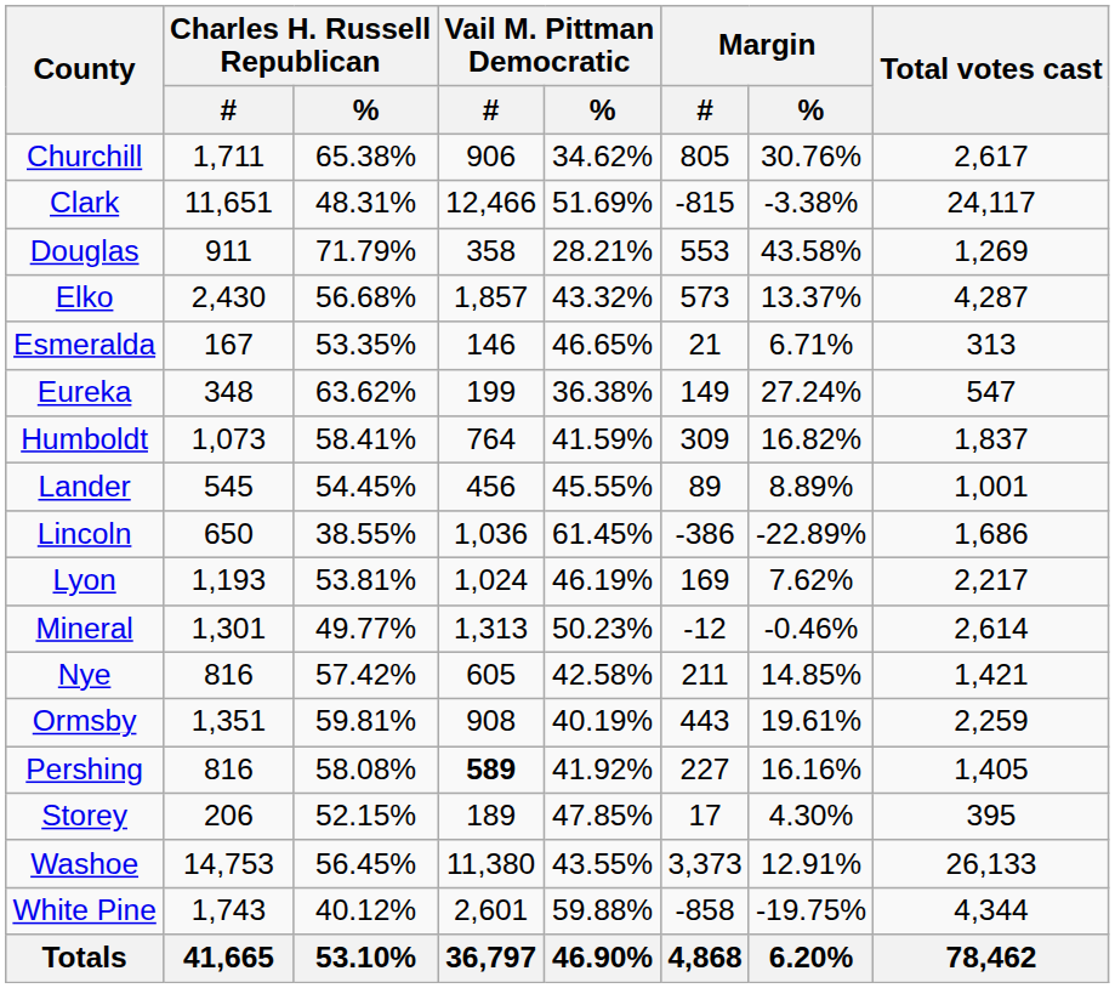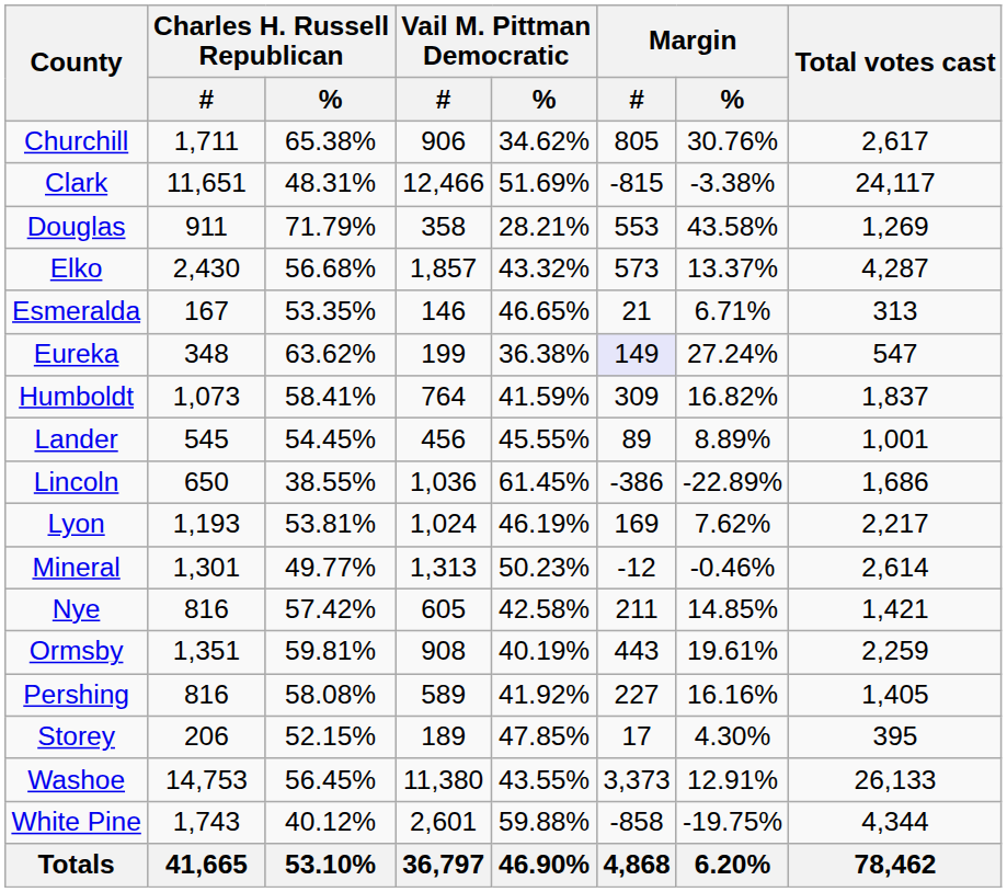 <table class="wikitable sortable" style="text-align:center">
 <tr>
 <th rowspan="2">County</th>
 <th style="text-align:center;" colspan="2">Charles H. Russell<br>Republican</th>
 <th style="text-align:center;" colspan="2">Vail M. Pittman<br>Democratic</th>
 <th style="text-align:center;" colspan="2">Margin</th>
 <th style="text-align:center;" rowspan="2">Total votes cast</th>
 </tr>
 <tr>
 <th style="text-align:center;" data-sort-type="number">#</th>
 <th style="text-align:center;" data-sort-type="number">%</th>
 <th style="text-align:center;" data-sort-type="number">#</th>
 <th style="text-align:center;" data-sort-type="number">%</th>
 <th style="text-align:center;" data-sort-type="number">#</th>
 <th style="text-align:center;" data-sort-type="number">%</th>
 </tr>
 <tr style="text-align:center;">
 <td><a href='#'>Churchill</a></td>
 <td>1,711</td>
 <td>65.38%</td>
 <td>906</td>
 <td>34.62%</td>
 <td>805</td>
 <td>30.76%</td>
 <td>2,617</td>
 </tr>
 <tr style="text-align:center;">
 <td><a href='#'>Clark</a></td>
 <td>11,651</td>
 <td>48.31%</td>
 <td>12,466</td>
 <td>51.69%</td>
 <td>-815</td>
 <td>-3.38%</td>
 <td>24,117</td>
 </tr>
 <tr style="text-align:center;">
 <td><a href='#'>Douglas</a></td>
 <td>911</td>
 <td>71.79%</td>
 <td>358</td>
 <td>28.21%</td>
 <td>553</td>
 <td>43.58%</td>
 <td>1,269</td>
 </tr>
 <tr style="text-align:center;">
 <td><a href='#'>Elko</a></td>
 <td>2,430</td>
 <td>56.68%</td>
 <td>1,857</td>
 <td>43.32%</td>
 <td>573</td>
 <td>13.37%</td>
 <td>4,287</td>
 </tr>
 <tr style="text-align:center;">
 <td><a href='#'>Esmeralda</a></td>
 <td>167</td>
 <td>53.35%</td>
 <td>146</td>
 <td>46.65%</td>
 <td>21</td>
 <td>6.71%</td>
 <td>313</td>
 </tr>
 <tr style="text-align:center;">
 <td><a href='#'>Eureka</a></td>
 <td>348</td>
 <td>63.62%</td>
 <td>199</td>
 <td>36.38%</td>
-<td>149</td>
+<td style="background: lavender;">149</td>
 <td>27.24%</td>
 <td>547</td>
 </tr>
 <tr style="text-align:center;">
 <td><a href='#'>Humboldt</a></td>
 <td>1,073</td>
 <td>58.41%</td>
 <td>764</td>
 <td>41.59%</td>
 <td>309</td>
 <td>16.82%</td>
 <td>1,837</td>
 </tr>
 <tr style="text-align:center;">
 <td><a href='#'>Lander</a></td>
 <td>545</td>
 <td>54.45%</td>
 <td>456</td>
 <td>45.55%</td>
 <td>89</td>
 <td>8.89%</td>
 <td>1,001</td>
 </tr>
 <tr style="text-align:center;">
 <td><a href='#'>Lincoln</a></td>
 <td>650</td>
 <td>38.55%</td>
 <td>1,036</td>
 <td>61.45%</td>
 <td>-386</td>
 <td>-22.89%</td>
 <td>1,686</td>
 </tr>
 <tr style="text-align:center;">
 <td><a href='#'>Lyon</a></td>
 <td>1,193</td>
 <td>53.81%</td>
 <td>1,024</td>
 <td>46.19%</td>
 <td>169</td>
 <td>7.62%</td>
 <td>2,217</td>
 </tr>
 <tr style="text-align:center;">
 <td><a href='#'>Mineral</a></td>
 <td>1,301</td>
 <td>49.77%</td>
 <td>1,313</td>
 <td>50.23%</td>
 <td>-12</td>
 <td>-0.46%</td>
 <td>2,614</td>
 </tr>
 <tr style="text-align:center;">
 <td><a href='#'>Nye</a></td>
 <td>816</td>
 <td>57.42%</td>
 <td>605</td>
 <td>42.58%</td>
 <td>211</td>
 <td>14.85%</td>
 <td>1,421</td>
 </tr>
 <tr style="text-align:center;">
 <td><a href='#'>Ormsby</a></td>
 <td>1,351</td>
 <td>59.81%</td>
 <td>908</td>
 <td>40.19%</td>
 <td>443</td>
 <td>19.61%</td>
 <td>2,259</td>
 </tr>
 <tr style="text-align:center;">
 <td><a href='#'>Pershing</a></td>
 <td>816</td>
 <td>58.08%</td>
-<td><strong>589</strong></td>
+<td>589</td>
 <td>41.92%</td>
 <td>227</td>
 <td>16.16%</td>
 <td>1,405</td>
 </tr>
 <tr style="text-align:center;">
 <td><a href='#'>Storey</a></td>
 <td>206</td>
 <td>52.15%</td>
 <td>189</td>
 <td>47.85%</td>
 <td>17</td>
 <td>4.30%</td>
 <td>395</td>
 </tr>
 <tr style="text-align:center;">
 <td><a href='#'>Washoe</a></td>
 <td>14,753</td>
 <td>56.45%</td>
 <td>11,380</td>
 <td>43.55%</td>
 <td>3,373</td>
 <td>12.91%</td>
 <td>26,133</td>
 </tr>
 <tr style="text-align:center;">
 <td><a href='#'>White Pine</a></td>
 <td>1,743</td>
 <td>40.12%</td>
 <td>2,601</td>
 <td>59.88%</td>
 <td>-858</td>
 <td>-19.75%</td>
 <td>4,344</td>
 </tr>
 <tr style="text-align:center;">
 <th>Totals</th>
 <th>41,665</th>
 <th>53.10%</th>
 <th>36,797</th>
 <th>46.90%</th>
 <th>4,868</th>
 <th>6.20%</th>
 <th>78,462</th>
 </tr>
 </table>
